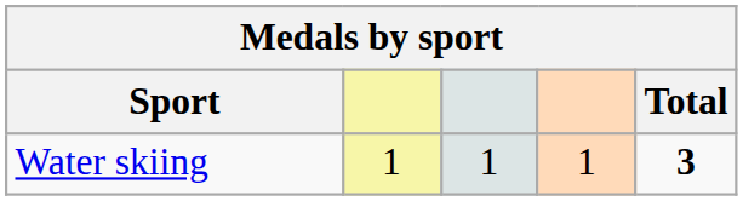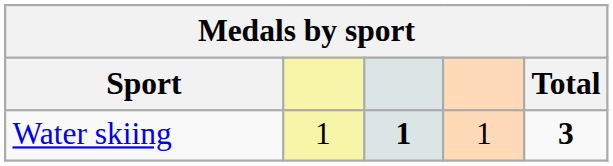 <table class="wikitable" style="font-size:90%; text-align:center;">
 <tr>
 <th colspan="5">Medals by sport</th>
 </tr>
 <tr>
 <th width="120">Sport</th>
 <th scope="col" width="30" style="background:#F7F6A8;"></th>
 <th scope="col" width="30" style="background:#DCE5E5;"></th>
 <th scope="col" width="30" style="background:#FFDAB9;"></th>
 <th width="30">Total</th>
 </tr>
 <tr>
 <td align="left"><a href='#'>Water skiing</a></td>
 <td style="background:#F7F6A8;">1</td>
-<td style="background:#DCE5E5;">1</td>
+<td style="background:#DCE5E5;"><strong>1</strong></td>
 <td style="background:#FFDAB9;">1</td>
 <td><strong>3</strong></td>
 </tr>
 </table>
